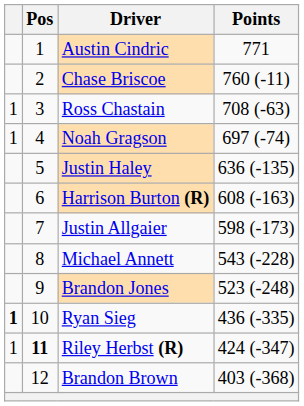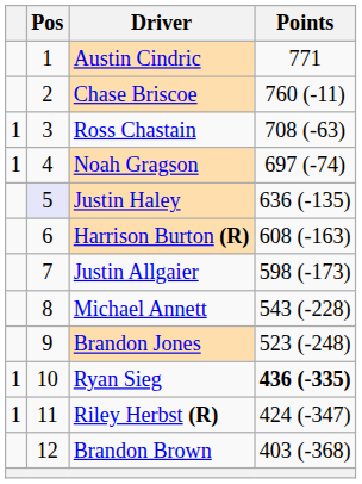 <table class="wikitable" style="font-size: 95%;">
 <tr>
 <th></th>
 <th>Pos</th>
 <th>Driver</th>
 <th>Points</th>
 </tr>
 <tr>
 <td align="left"></td>
 <td style="text-align:center;">1</td>
 <td style="background:#FFDEAD;"><a href='#'>Austin Cindric</a></td>
 <td style="text-align:center;">771</td>
 </tr>
 <tr>
 <td align="left"></td>
 <td style="text-align:center;">2</td>
 <td style="background:#FFDEAD;"><a href='#'>Chase Briscoe</a></td>
 <td style="text-align:center;">760 (-11)</td>
 </tr>
 <tr>
 <td align="left"> 1</td>
 <td style="text-align:center;">3</td>
 <td><a href='#'>Ross Chastain</a></td>
 <td style="text-align:center;">708 (-63)</td>
 </tr>
 <tr>
 <td align="left"> 1</td>
 <td style="text-align:center;">4</td>
 <td style="background:#FFDEAD;"><a href='#'>Noah Gragson</a></td>
 <td style="text-align:center;">697 (-74)</td>
 </tr>
 <tr>
 <td align="left"></td>
-<td style="text-align:center;">5</td>
+<td style="background: lavender; text-align:center;">5</td>
 <td style="background:#FFDEAD;"><a href='#'>Justin Haley</a></td>
 <td style="text-align:center;">636 (-135)</td>
 </tr>
 <tr>
 <td align="left"></td>
 <td style="text-align:center;">6</td>
 <td style="background:#FFDEAD;"><a href='#'>Harrison Burton</a> <strong>(R)</strong></td>
 <td style="text-align:center;">608 (-163)</td>
 </tr>
 <tr>
 <td align="left"></td>
 <td style="text-align:center;">7</td>
 <td><a href='#'>Justin Allgaier</a></td>
 <td style="text-align:center;">598 (-173)</td>
 </tr>
 <tr>
 <td align="left"></td>
 <td style="text-align:center;">8</td>
 <td><a href='#'>Michael Annett</a></td>
 <td style="text-align:center;">543 (-228)</td>
 </tr>
 <tr>
 <td align="left"></td>
 <td style="text-align:center;">9</td>
 <td style="background:#FFDEAD;"><a href='#'>Brandon Jones</a></td>
 <td style="text-align:center;">523 (-248)</td>
 </tr>
 <tr>
-<td align="left"><strong> 1</strong></td>
+<td align="left"> 1</td>
 <td style="text-align:center;">10</td>
 <td><a href='#'>Ryan Sieg</a></td>
-<td style="text-align:center;">436 (-335)</td>
+<td style="text-align:center;"><strong>436 (-335)</strong></td>
 </tr>
 <tr>
 <td align="left"> 1</td>
-<td style="text-align:center;"><strong>11</strong></td>
+<td style="text-align:center;">11</td>
 <td><a href='#'>Riley Herbst</a> <strong>(R)</strong></td>
 <td style="text-align:center;">424 (-347)</td>
 </tr>
 <tr>
 <td align="left"></td>
 <td style="text-align:center;">12</td>
 <td><a href='#'>Brandon Brown</a></td>
 <td style="text-align:center;">403 (-368)</td>
 </tr>
 <tr class="sortbottom">
 <th colspan="4"></th>
 </tr>
 </table>
